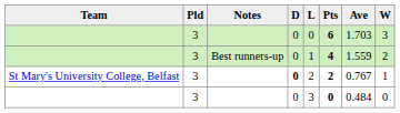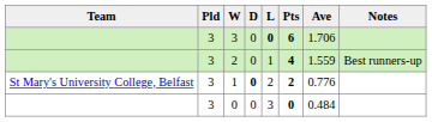 <table style=border-collapse:collapse border=1 cellspacing=0 cellpadding=5>
 <tr align=center bgcolor=#efefef>
 <th>Team</th>
 <th>Pld</th>
-<th>Notes</th>
+<th>W</th>
 <th>D</th>
 <th>L</th>
 <th>Pts</th>
 <th>Ave</th>
-<th>W</th>
+<th>Notes</th>
 </tr>
 <tr align=center style="background:#D0F0C0;">
 <td style="text-align:left;"> </td>
 <td>3</td>
+<td>3</td>
+<td>0</td>
+<td><strong>0</strong></td>
+<td><strong>6</strong></td>
+<td>1.706</td>
 <td></td>
-<td>0</td>
-<td>0</td>
-<td><strong>6</strong></td>
-<td>1.703</td>
-<td>3</td>
 </tr>
 <tr align=center style="background:#D0F0C0;">
 <td style="text-align:left;"> </td>
 <td>3</td>
-<td>Best runners-up</td>
+<td>2</td>
 <td>0</td>
 <td>1</td>
 <td><strong>4</strong></td>
 <td>1.559</td>
-<td>2</td>
+<td>Best runners-up</td>
 </tr>
 <tr align=center style="background:#FFFFFF;">
 <td style="text-align:left;"> <a href='#'>St Mary's University College, Belfast</a></td>
 <td>3</td>
-<td></td>
+<td>1</td>
 <td><strong>0</strong></td>
 <td>2</td>
 <td><strong>2</strong></td>
-<td>0.767</td>
-<td>1</td>
+<td>0.776</td>
+<td></td>
 </tr>
 <tr align=center style="background:#FFFFFF;">
 <td style="text-align:left;"> </td>
 <td>3</td>
-<td></td>
+<td>0</td>
 <td>0</td>
 <td>3</td>
 <td><strong>0</strong></td>
 <td>0.484</td>
-<td>0</td>
+<td></td>
 </tr>
 </table>
